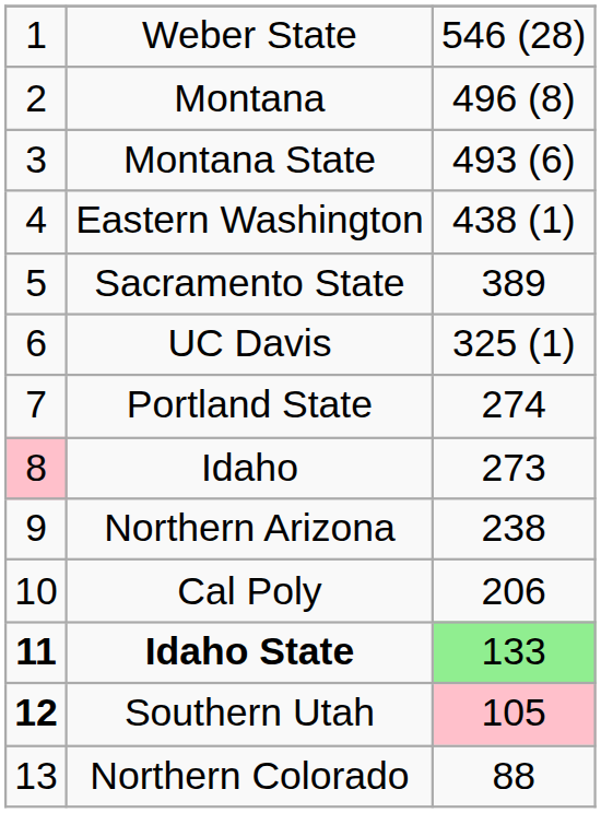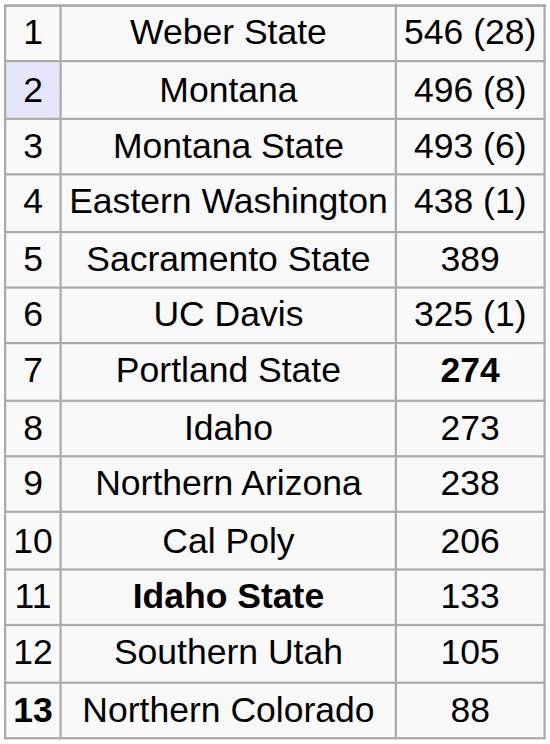 <table class="wikitable" style="display: inline-table;">
 <tr align="center">
 </tr>
 <tr align="center">
 <td>1</td>
 <td>Weber State</td>
 <td>546 (28)</td>
 </tr>
 <tr align="center">
-<td>2</td>
+<td style="background: lavender;">2</td>
 <td>Montana</td>
 <td>496 (8)</td>
 </tr>
 <tr align="center">
 <td>3</td>
 <td>Montana State</td>
 <td>493 (6)</td>
 </tr>
 <tr align="center">
 <td>4</td>
 <td>Eastern Washington</td>
 <td>438 (1)</td>
 </tr>
 <tr align="center">
 <td>5</td>
 <td>Sacramento State</td>
 <td>389</td>
 </tr>
 <tr align="center">
 <td>6</td>
 <td>UC Davis</td>
 <td>325 (1)</td>
 </tr>
 <tr align="center">
 <td>7</td>
 <td>Portland State</td>
-<td>274</td>
+<td><strong>274</strong></td>
 </tr>
 <tr align="center">
-<td style="background: pink;">8</td>
+<td>8</td>
 <td>Idaho</td>
 <td>273</td>
 </tr>
 <tr align="center">
 <td>9</td>
 <td>Northern Arizona</td>
 <td>238</td>
 </tr>
 <tr align="center">
 <td>10</td>
 <td>Cal Poly</td>
 <td>206</td>
 </tr>
 <tr align="center">
-<td><strong>11</strong></td>
+<td>11</td>
 <td><strong>Idaho State</strong></td>
-<td style="background: lightgreen;">133</td>
+<td>133</td>
 </tr>
 <tr align="center">
-<td><strong>12</strong></td>
+<td>12</td>
 <td>Southern Utah</td>
-<td style="background: pink;">105</td>
+<td>105</td>
 </tr>
 <tr align="center">
-<td>13</td>
+<td><strong>13</strong></td>
 <td>Northern Colorado</td>
 <td>88</td>
 </tr>
 </table>
